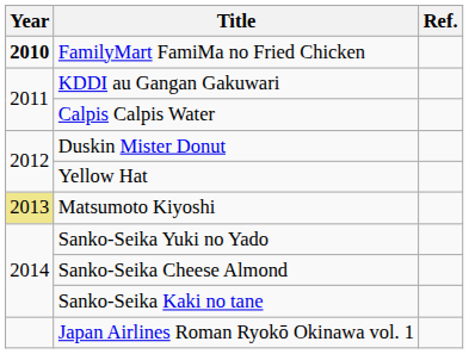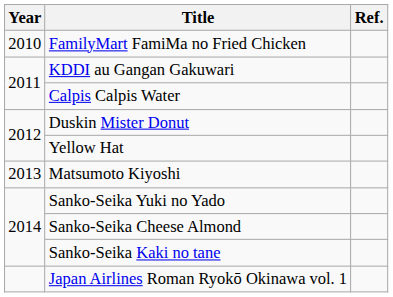 <table class="wikitable">
 <tr>
 <th>Year</th>
 <th>Title</th>
 <th>Ref.</th>
 </tr>
 <tr>
-<td><strong>2010</strong></td>
+<td>2010</td>
 <td><a href='#'>FamilyMart</a> FamiMa no Fried Chicken</td>
 <td></td>
 </tr>
 <tr>
 <td rowspan="2">2011</td>
 <td><a href='#'>KDDI</a> au Gangan Gakuwari</td>
 <td></td>
 </tr>
 <tr>
 <td><a href='#'>Calpis</a> Calpis Water</td>
 <td></td>
 </tr>
 <tr>
 <td rowspan="2">2012</td>
 <td>Duskin <a href='#'>Mister Donut</a></td>
 <td></td>
 </tr>
 <tr>
 <td>Yellow Hat</td>
 <td></td>
 </tr>
 <tr>
-<td style="background: khaki;">2013</td>
+<td>2013</td>
 <td>Matsumoto Kiyoshi</td>
 <td></td>
 </tr>
 <tr>
 <td rowspan="3">2014</td>
 <td>Sanko-Seika Yuki no Yado</td>
 <td></td>
 </tr>
 <tr>
 <td>Sanko-Seika Cheese Almond</td>
 <td></td>
 </tr>
 <tr>
 <td>Sanko-Seika <a href='#'>Kaki no tane</a></td>
 <td></td>
 </tr>
 <tr>
 <td></td>
 <td><a href='#'>Japan Airlines</a> Roman Ryokō Okinawa vol. 1</td>
 <td></td>
 </tr>
 </table>
